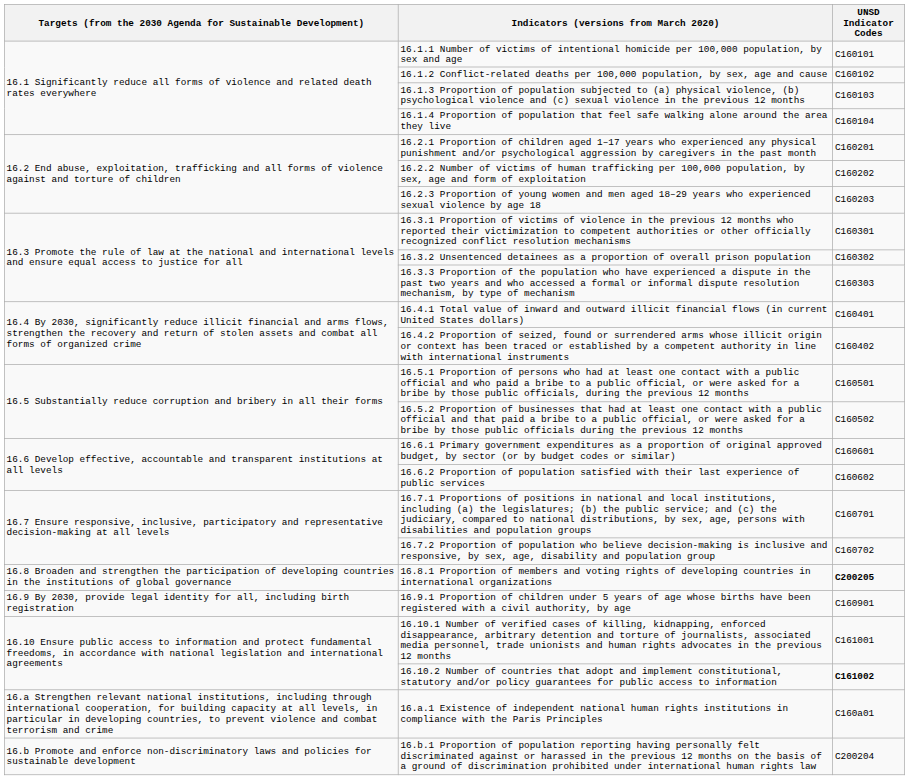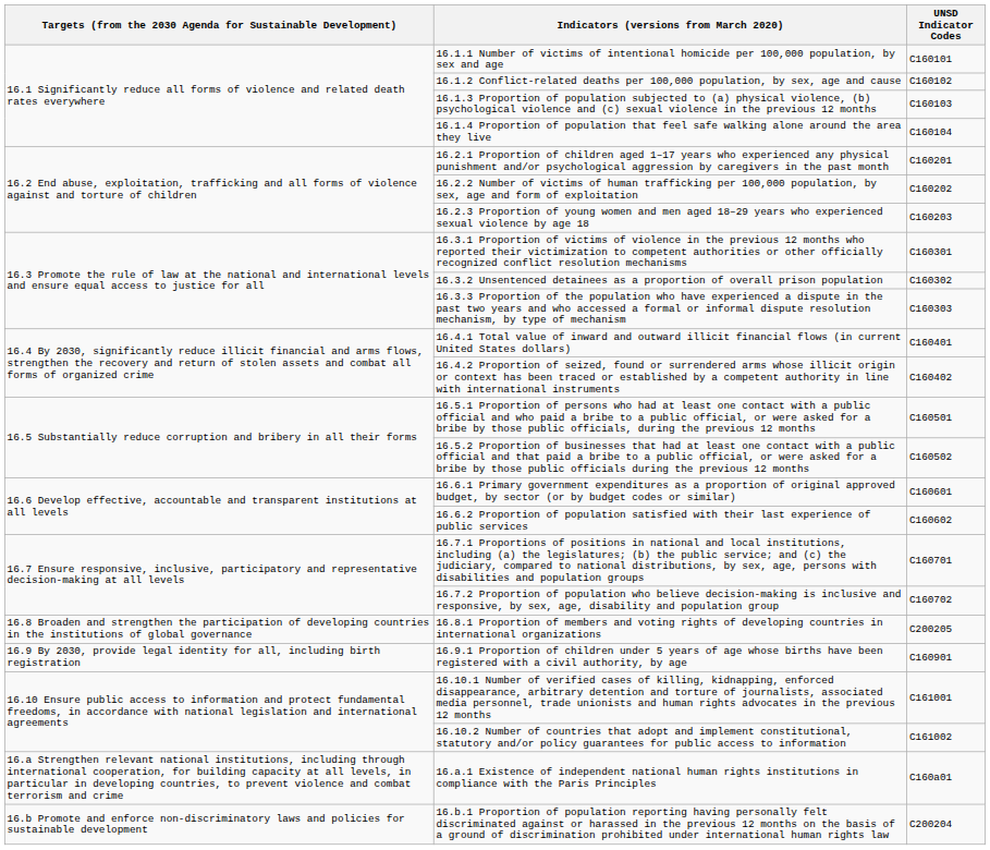 <table class="wikitable">
 <tr>
 <th>Targets (from the 2030 Agenda for Sustainable Development)</th>
 <th>Indicators (versions from March 2020)</th>
 <th>UNSD Indicator Codes </th>
 </tr>
 <tr>
 <td colspan="1" rowspan="4">16.1 Significantly reduce all forms of violence and related death rates everywhere</td>
 <td>16.1.1 Number of victims of intentional homicide per 100,000 population, by sex and age</td>
 <td>C160101</td>
 </tr>
 <tr>
 <td>16.1.2 Conflict-related deaths per 100,000 population, by sex, age and cause</td>
 <td>C160102</td>
 </tr>
 <tr>
 <td>16.1.3 Proportion of population subjected to (a) physical violence, (b) psychological violence and (c) sexual violence in the previous 12 months</td>
 <td>C160103</td>
 </tr>
 <tr>
 <td>16.1.4 Proportion of population that feel safe walking alone around the area they live</td>
 <td>C160104</td>
 </tr>
 <tr>
 <td colspan="1" rowspan="3">16.2 End abuse, exploitation, trafficking and all forms of violence against and torture of children</td>
 <td>16.2.1 Proportion of children aged 1–17 years who experienced any physical punishment and/or psychological aggression by caregivers in the past month</td>
 <td>C160201</td>
 </tr>
 <tr>
 <td>16.2.2 Number of victims of human trafficking per 100,000 population, by sex, age and form of exploitation</td>
 <td>C160202</td>
 </tr>
 <tr>
 <td>16.2.3 Proportion of young women and men aged 18–29 years who experienced sexual violence by age 18</td>
 <td>C160203</td>
 </tr>
 <tr>
 <td colspan="1" rowspan="3">16.3 Promote the rule of law at the national and international levels and ensure equal access to justice for all</td>
 <td>16.3.1 Proportion of victims of violence in the previous 12 months who reported their victimization to competent authorities or other officially recognized conflict resolution mechanisms</td>
 <td>C160301</td>
 </tr>
 <tr>
 <td>16.3.2 Unsentenced detainees as a proportion of overall prison population</td>
 <td>C160302</td>
 </tr>
 <tr>
 <td>16.3.3 Proportion of the population who have experienced a dispute in the past two years and who accessed a formal or informal dispute resolution mechanism, by type of mechanism</td>
 <td>C160303</td>
 </tr>
 <tr>
 <td colspan="1" rowspan="2">16.4 By 2030, significantly reduce illicit financial and arms flows, strengthen the recovery and return of stolen assets and combat all forms of organized crime</td>
 <td>16.4.1 Total value of inward and outward illicit financial flows (in current United States dollars)</td>
 <td>C160401</td>
 </tr>
 <tr>
 <td>16.4.2 Proportion of seized, found or surrendered arms whose illicit origin or context has been traced or established by a competent authority in line with international instruments</td>
 <td>C160402</td>
 </tr>
 <tr>
 <td colspan="1" rowspan="2">16.5 Substantially reduce corruption and bribery in all their forms</td>
 <td>16.5.1 Proportion of persons who had at least one contact with a public official and who paid a bribe to a public official, or were asked for a bribe by those public officials, during the previous 12 months</td>
 <td>C160501</td>
 </tr>
 <tr>
 <td>16.5.2 Proportion of businesses that had at least one contact with a public official and that paid a bribe to a public official, or were asked for a bribe by those public officials during the previous 12 months</td>
 <td>C160502</td>
 </tr>
 <tr>
 <td colspan="1" rowspan="2">16.6 Develop effective, accountable and transparent institutions at all levels</td>
 <td>16.6.1 Primary government expenditures as a proportion of original approved budget, by sector (or by budget codes or similar)</td>
 <td>C160601</td>
 </tr>
 <tr>
 <td>16.6.2 Proportion of population satisfied with their last experience of public services</td>
 <td>C160602</td>
 </tr>
 <tr>
 <td colspan="1" rowspan="2">16.7 Ensure responsive, inclusive, participatory and representative decision-making at all levels</td>
 <td>16.7.1 Proportions of positions in national and local institutions, including (a) the legislatures; (b) the public service; and (c) the judiciary, compared to national distributions, by sex, age, persons with disabilities and population groups</td>
 <td>C160701</td>
 </tr>
 <tr>
 <td>16.7.2 Proportion of population who believe decision-making is inclusive and responsive, by sex, age, disability and population group</td>
 <td>C160702</td>
 </tr>
 <tr>
 <td>16.8 Broaden and strengthen the participation of developing countries in the institutions of global governance</td>
 <td>16.8.1 Proportion of members and voting rights of developing countries in international organizations</td>
-<td><strong>C200205</strong></td>
+<td>C200205</td>
 </tr>
 <tr>
 <td>16.9 By 2030, provide legal identity for all, including birth registration</td>
 <td>16.9.1 Proportion of children under 5 years of age whose births have been registered with a civil authority, by age</td>
 <td>C160901</td>
 </tr>
 <tr>
 <td colspan="1" rowspan="2">16.10 Ensure public access to information and protect fundamental freedoms, in accordance with national legislation and international agreements</td>
 <td>16.10.1 Number of verified cases of killing, kidnapping, enforced disappearance, arbitrary detention and torture of journalists, associated media personnel, trade unionists and human rights advocates in the previous 12 months</td>
 <td>C161001</td>
 </tr>
 <tr>
 <td>16.10.2 Number of countries that adopt and implement constitutional, statutory and/or policy guarantees for public access to information</td>
-<td><strong>C161002</strong></td>
+<td>C161002</td>
 </tr>
 <tr>
 <td>16.a Strengthen relevant national institutions, including through international cooperation, for building capacity at all levels, in particular in developing countries, to prevent violence and combat terrorism and crime</td>
 <td>16.a.1 Existence of independent national human rights institutions in compliance with the Paris Principles</td>
 <td>C160a01</td>
 </tr>
 <tr>
 <td>16.b Promote and enforce non-discriminatory laws and policies for sustainable development</td>
 <td>16.b.1 Proportion of population reporting having personally felt discriminated against or harassed in the previous 12 months on the basis of a ground of discrimination prohibited under international human rights law</td>
 <td>C200204</td>
 </tr>
 </table>
